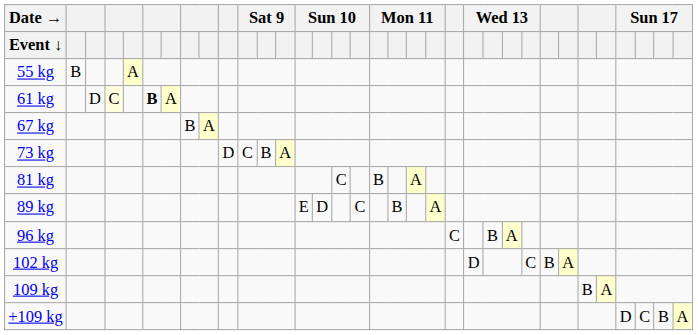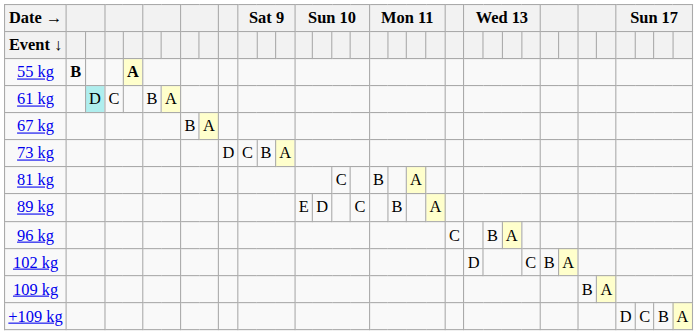 <table class="wikitable" style="text-align:center; font-size:95%">
 <tr>
 <th>Date →</th>
 <th colspan=2></th>
 <th colspan=2></th>
 <th colspan=2></th>
 <th colspan=2></th>
 <th></th>
 <th colspan=3>Sat 9</th>
 <th colspan=4>Sun 10</th>
 <th colspan=4>Mon 11</th>
 <th></th>
 <th colspan=4>Wed 13</th>
 <th colspan=2></th>
 <th colspan=2></th>
 <th colspan=4>Sun 17</th>
 </tr>
 <tr>
 <th>Event ↓</th>
 <th></th>
 <th></th>
 <th></th>
 <th></th>
 <th></th>
 <th></th>
 <th></th>
 <th></th>
 <th></th>
 <th></th>
 <th></th>
 <th></th>
 <th></th>
 <th></th>
 <th></th>
 <th></th>
 <th></th>
 <th></th>
 <th></th>
 <th></th>
 <th></th>
 <th></th>
 <th></th>
 <th></th>
 <th></th>
 <th></th>
 <th></th>
 <th></th>
 <th></th>
 <th></th>
 <th></th>
 <th></th>
 <th></th>
 </tr>
 <tr>
 <td><a href='#'>55 kg</a></td>
-<td>B</td>
+<td><strong>B</strong></td>
 <td></td>
 <td></td>
-<td style="background-color:#ffffcc;">A</td>
+<td style="background-color:#ffffcc;"><strong>A</strong></td>
 <td colspan=2></td>
 <td colspan=2></td>
 <td></td>
 <td colspan=3></td>
 <td colspan=4></td>
 <td colspan=4></td>
 <td></td>
 <td colspan=4></td>
 <td colspan=2></td>
 <td colspan=2></td>
 <td colspan=4></td>
 </tr>
 <tr>
 <td><a href='#'>61 kg</a></td>
 <td></td>
-<td>D</td>
-<td style="background: lightyellow;">C</td>
+<td style="background: paleturquoise;">D</td>
+<td>C</td>
 <td></td>
-<td><strong>B</strong></td>
+<td>B</td>
 <td style="background-color:#ffffcc;">A</td>
 <td colspan=2></td>
 <td></td>
 <td colspan=3></td>
 <td colspan=4></td>
 <td colspan=4></td>
 <td></td>
 <td colspan=4></td>
 <td colspan=2></td>
 <td colspan=2></td>
 <td colspan=4></td>
 </tr>
 <tr>
 <td><a href='#'>67 kg</a></td>
 <td colspan=2></td>
 <td colspan=2></td>
 <td colspan=2></td>
 <td>B</td>
 <td style="background-color:#ffffcc;">A</td>
 <td></td>
 <td colspan=3></td>
 <td colspan=4></td>
 <td colspan=4></td>
 <td></td>
 <td colspan=4></td>
 <td colspan=2></td>
 <td colspan=2></td>
 <td colspan=4></td>
 </tr>
 <tr>
 <td><a href='#'>73 kg</a></td>
 <td colspan=2></td>
 <td colspan=2></td>
 <td colspan=2></td>
 <td colspan=2></td>
 <td>D</td>
 <td>C</td>
 <td>B</td>
 <td style="background-color:#ffffcc;">A</td>
 <td colspan=4></td>
 <td colspan=4></td>
 <td></td>
 <td colspan=4></td>
 <td colspan=2></td>
 <td colspan=2></td>
 <td colspan=4></td>
 </tr>
 <tr>
 <td><a href='#'>81 kg</a></td>
 <td colspan=2></td>
 <td colspan=2></td>
 <td colspan=2></td>
 <td colspan=2></td>
 <td></td>
 <td colspan=3></td>
 <td colspan=2></td>
 <td>C</td>
 <td></td>
 <td>B</td>
 <td></td>
 <td style="background-color:#ffffcc;">A</td>
 <td></td>
 <td></td>
 <td colspan=4></td>
 <td colspan=2></td>
 <td colspan=2></td>
 <td colspan=4></td>
 </tr>
 <tr>
 <td><a href='#'>89 kg</a></td>
 <td colspan=2></td>
 <td colspan=2></td>
 <td colspan=2></td>
 <td colspan=2></td>
 <td></td>
 <td colspan=3></td>
 <td>E</td>
 <td>D</td>
 <td></td>
 <td>C</td>
 <td></td>
 <td>B</td>
 <td></td>
 <td style="background-color:#ffffcc;">A</td>
 <td></td>
 <td colspan=4></td>
 <td colspan=2></td>
 <td colspan=2></td>
 <td colspan=4></td>
 </tr>
 <tr>
 <td><a href='#'>96 kg</a></td>
 <td colspan=2></td>
 <td colspan=2></td>
 <td colspan=2></td>
 <td colspan=2></td>
 <td></td>
 <td colspan=3></td>
 <td colspan=4></td>
 <td colspan=4></td>
 <td>C</td>
 <td></td>
 <td>B</td>
 <td style="background-color:#ffffcc;">A</td>
 <td></td>
 <td colspan=2></td>
 <td colspan=2></td>
 <td colspan=4></td>
 </tr>
 <tr>
 <td><a href='#'>102 kg</a></td>
 <td colspan=2></td>
 <td colspan=2></td>
 <td colspan=2></td>
 <td colspan=2></td>
 <td></td>
 <td colspan=3></td>
 <td colspan=4></td>
 <td colspan=4></td>
 <td></td>
 <td>D</td>
 <td colspan=2></td>
 <td>C</td>
 <td>B</td>
 <td style="background-color:#ffffcc;">A</td>
 <td colspan=2></td>
 <td colspan=4></td>
 </tr>
 <tr>
 <td><a href='#'>109 kg</a></td>
 <td colspan=2></td>
 <td colspan=2></td>
 <td colspan=2></td>
 <td colspan=2></td>
 <td></td>
 <td colspan=3></td>
 <td colspan=4></td>
 <td colspan=4></td>
 <td></td>
 <td colspan=4></td>
 <td colspan=2></td>
 <td>B</td>
 <td style="background-color:#ffffcc;">A</td>
 <td colspan=4></td>
 </tr>
 <tr>
 <td><a href='#'>+109 kg</a></td>
 <td colspan=2></td>
 <td colspan=2></td>
 <td colspan=2></td>
 <td colspan=2></td>
 <td></td>
 <td colspan=3></td>
 <td colspan=4></td>
 <td colspan=4></td>
 <td></td>
 <td colspan=4></td>
 <td colspan=2></td>
 <td colspan=2></td>
 <td>D</td>
 <td>C</td>
 <td>B</td>
 <td style="background-color:#ffffcc;">A</td>
 </tr>
 </table>
